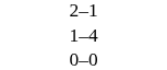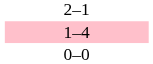 <table cellspacing=1 width=70%>
 <tr>
 <th width=25%></th>
 <th width=30%></th>
 <th width=15%></th>
 <th width=30%></th>
 </tr>
 <tr>
 <td></td>
 <td align=right></td>
 <td align=center>2–1</td>
 <td></td>
 </tr>
 <tr>
 <td></td>
 <td align=right></td>
-<td align=center>1–4</td>
+<td align=center style="background: pink;">1–4</td>
 <td></td>
 </tr>
 <tr>
 <td></td>
 <td align=right></td>
 <td align=center>0–0</td>
 <td></td>
 </tr>
 </table>
